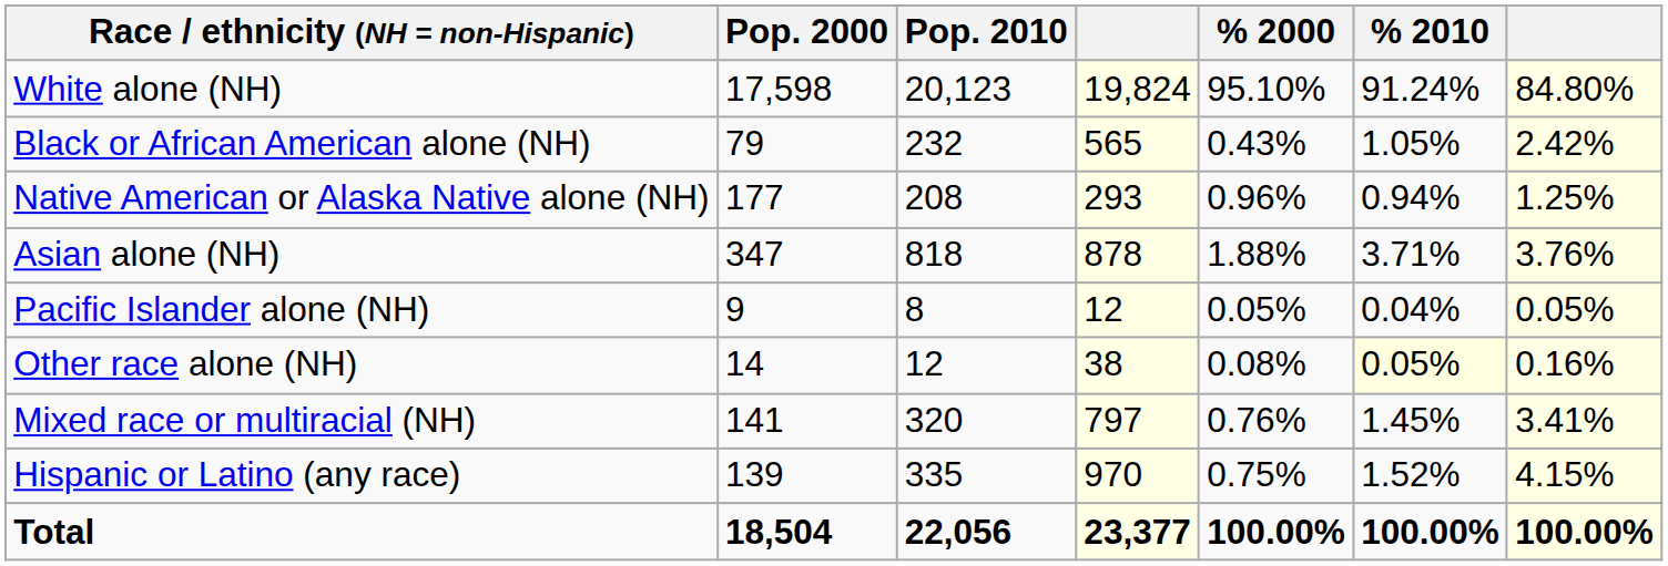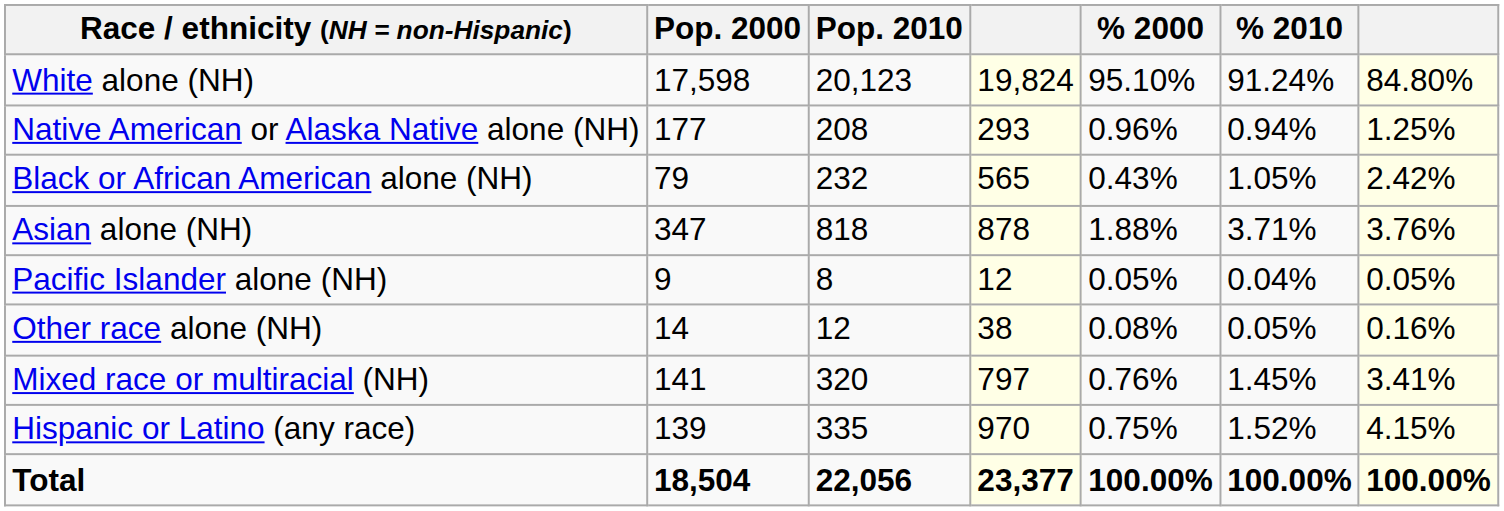 <table class="wikitable">
 <tr>
 <th>Race / ethnicity <small>(<em>NH = non-Hispanic</em>)</small></th>
 <th>Pop. 2000</th>
 <th>Pop. 2010</th>
 <th></th>
 <th>% 2000</th>
 <th>% 2010</th>
 <th></th>
 </tr>
 <tr>
 <td><a href='#'>White</a> alone (NH)</td>
 <td>17,598</td>
 <td>20,123</td>
 <td style='background: #ffffe6;'>19,824</td>
 <td>95.10%</td>
 <td>91.24%</td>
 <td style='background: #ffffe6;'>84.80%</td>
 </tr>
 <tr>
+<td><a href='#'>Native American</a> or <a href='#'>Alaska Native</a> alone (NH)</td>
+<td>177</td>
+<td>208</td>
+<td style='background: #ffffe6;'>293</td>
+<td>0.96%</td>
+<td>0.94%</td>
+<td style='background: #ffffe6;'>1.25%</td>
+</tr>
+<tr>
 <td><a href='#'>Black or African American</a> alone (NH)</td>
 <td>79</td>
 <td>232</td>
 <td style='background: #ffffe6;'>565</td>
 <td>0.43%</td>
 <td>1.05%</td>
 <td style='background: #ffffe6;'>2.42%</td>
-</tr>
-<tr>
-<td><a href='#'>Native American</a> or <a href='#'>Alaska Native</a> alone (NH)</td>
-<td>177</td>
-<td>208</td>
-<td style='background: #ffffe6;'>293</td>
-<td>0.96%</td>
-<td>0.94%</td>
-<td style='background: #ffffe6;'>1.25%</td>
 </tr>
 <tr>
 <td><a href='#'>Asian</a> alone (NH)</td>
 <td>347</td>
 <td>818</td>
 <td style='background: #ffffe6;'>878</td>
 <td>1.88%</td>
 <td>3.71%</td>
 <td style='background: #ffffe6;'>3.76%</td>
 </tr>
 <tr>
 <td><a href='#'>Pacific Islander</a> alone (NH)</td>
 <td>9</td>
 <td>8</td>
 <td style='background: #ffffe6;'>12</td>
 <td>0.05%</td>
 <td>0.04%</td>
 <td style='background: #ffffe6;'>0.05%</td>
 </tr>
 <tr>
 <td><a href='#'>Other race</a> alone (NH)</td>
 <td>14</td>
 <td>12</td>
 <td style='background: #ffffe6;'>38</td>
 <td>0.08%</td>
-<td style="background: lightyellow;">0.05%</td>
+<td>0.05%</td>
 <td style='background: #ffffe6;'>0.16%</td>
 </tr>
 <tr>
 <td><a href='#'>Mixed race or multiracial</a> (NH)</td>
 <td>141</td>
 <td>320</td>
 <td style='background: #ffffe6;'>797</td>
 <td>0.76%</td>
 <td>1.45%</td>
 <td style='background: #ffffe6;'>3.41%</td>
 </tr>
 <tr>
 <td><a href='#'>Hispanic or Latino</a> (any race)</td>
 <td>139</td>
 <td>335</td>
 <td style='background: #ffffe6;'>970</td>
 <td>0.75%</td>
 <td>1.52%</td>
 <td style='background: #ffffe6;'>4.15%</td>
 </tr>
 <tr>
 <td><strong>Total</strong></td>
 <td><strong>18,504</strong></td>
 <td><strong>22,056</strong></td>
 <td style='background: #ffffe6;'><strong>23,377</strong></td>
 <td><strong>100.00%</strong></td>
 <td><strong>100.00%</strong></td>
 <td style='background: #ffffe6;'><strong>100.00%</strong></td>
 </tr>
 </table>
